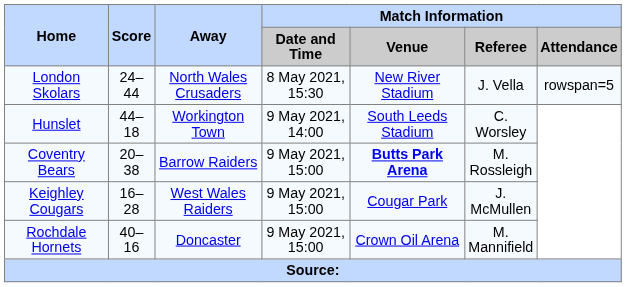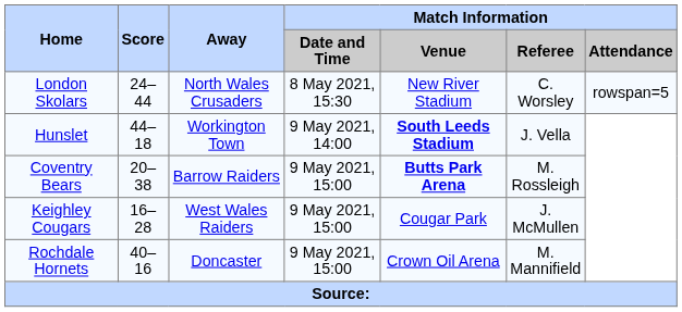 <table border=1 style="border-collapse:collapse; font-size:90%; text-align:center;" cellpadding=3 cellspacing=0 width=100%>
 <tr style="background:#C1D8ff;">
 <th scope="col" rowspan=2 width=19%>Home</th>
 <th scope="col" rowspan=2 width=6%>Score</th>
 <th scope="col" rowspan=2 width=19%>Away</th>
 <th colspan=4>Match Information</th>
 </tr>
 <tr style="background:#CCCCCC;">
 <th scope="col" width=17%>Date and Time</th>
 <th scope="col" width=22%>Venue</th>
 <th scope="col" width=10%>Referee</th>
 <th scope="col" width=7%>Attendance</th>
 </tr>
 <tr style="background:#F5FAFF;">
 <td> <a href='#'>London Skolars</a></td>
 <td>24–44</td>
 <td> <a href='#'>North Wales Crusaders</a></td>
 <td>8 May 2021, 15:30</td>
 <td><a href='#'>New River Stadium</a></td>
-<td>J. Vella</td>
+<td>C. Worsley</td>
 <td>rowspan=5 </td>
 </tr>
 <tr style="background:#F5FAFF;">
 <td> <a href='#'>Hunslet</a></td>
 <td>44–18</td>
 <td> <a href='#'>Workington Town</a></td>
 <td>9 May 2021, 14:00</td>
-<td><a href='#'>South Leeds Stadium</a></td>
-<td>C. Worsley</td>
+<td><strong><a href='#'>South Leeds Stadium</a></strong></td>
+<td>J. Vella</td>
 </tr>
 <tr style="background:#F5FAFF;">
 <td> <a href='#'>Coventry Bears</a></td>
 <td>20–38</td>
 <td> <a href='#'>Barrow Raiders</a></td>
 <td>9 May 2021, 15:00</td>
 <td><strong><a href='#'>Butts Park Arena</a></strong></td>
 <td>M. Rossleigh</td>
 </tr>
 <tr style="background:#F5FAFF;">
 <td> <a href='#'>Keighley Cougars</a></td>
 <td>16–28</td>
 <td> <a href='#'>West Wales Raiders</a></td>
 <td>9 May 2021, 15:00</td>
 <td><a href='#'>Cougar Park</a></td>
 <td>J. McMullen</td>
 </tr>
 <tr style="background:#F5FAFF;">
 <td> <a href='#'>Rochdale Hornets</a></td>
 <td>40–16</td>
 <td> <a href='#'>Doncaster</a></td>
 <td>9 May 2021, 15:00</td>
 <td><a href='#'>Crown Oil Arena</a></td>
 <td>M. Mannifield</td>
 </tr>
 <tr style="background:#c1d8ff;">
 <th colspan=7>Source:</th>
 </tr>
 </table>
